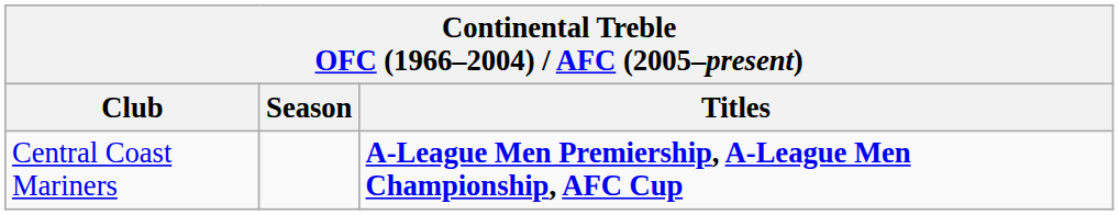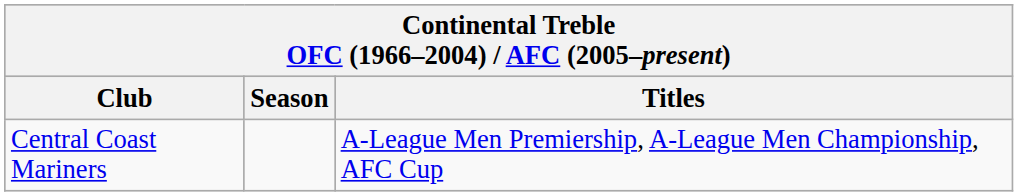 <table class="wikitable">
 <tr>
 <th colspan="3">Continental Treble<br><a href='#'>OFC</a> (1966–2004) / <a href='#'>AFC</a> (2005–<em>present</em>)</th>
 </tr>
 <tr>
 <th>Club</th>
 <th>Season</th>
 <th>Titles</th>
 </tr>
 <tr>
 <td><a href='#'>Central Coast Mariners</a></td>
 <td></td>
-<td><strong><a href='#'>A-League Men Premiership</a>, <a href='#'>A-League Men Championship</a>, <a href='#'>AFC Cup</a></strong></td>
+<td><a href='#'>A-League Men Premiership</a>, <a href='#'>A-League Men Championship</a>, <a href='#'>AFC Cup</a></td>
 </tr>
 </table>
